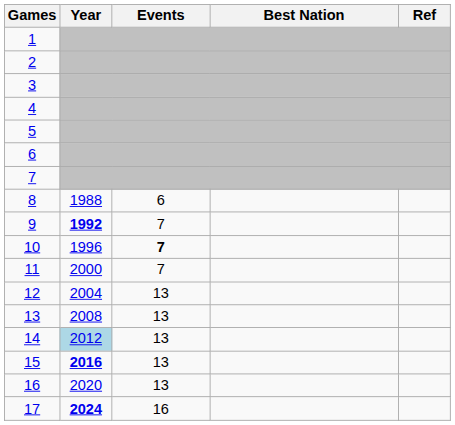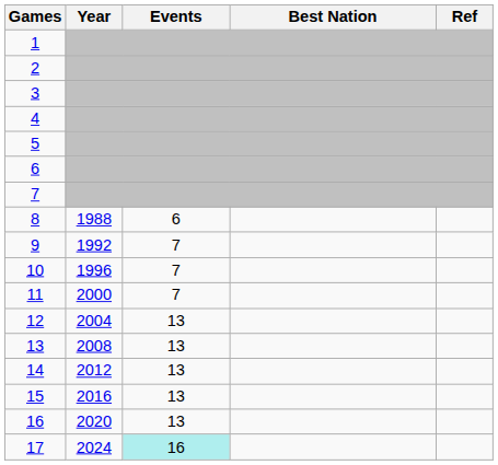 <table class=wikitable>
 <tr>
 <th width=50>Games</th>
 <th width=50>Year</th>
 <th width=100>Events</th>
 <th width=200>Best Nation</th>
 <th width=50>Ref</th>
 </tr>
 <tr>
 <td align=center><a href='#'>1</a></td>
 <td colspan=5 bgcolor=silver></td>
 </tr>
 <tr>
 <td align=center><a href='#'>2</a></td>
 <td colspan=5 bgcolor=silver></td>
 </tr>
 <tr>
 <td align=center><a href='#'>3</a></td>
 <td colspan=5 bgcolor=silver></td>
 </tr>
 <tr>
 <td align=center><a href='#'>4</a></td>
 <td colspan=5 bgcolor=silver></td>
 </tr>
 <tr>
 <td align=center><a href='#'>5</a></td>
 <td colspan=5 bgcolor=silver></td>
 </tr>
 <tr>
 <td align=center><a href='#'>6</a></td>
 <td colspan=5 bgcolor=silver></td>
 </tr>
 <tr>
 <td align=center><a href='#'>7</a></td>
 <td colspan=5 bgcolor=silver></td>
 </tr>
 <tr>
 <td align=center><a href='#'>8</a></td>
 <td align=center><a href='#'>1988</a></td>
 <td align=center>6</td>
 <td></td>
 <td align=center></td>
 </tr>
 <tr>
 <td align=center><a href='#'>9</a></td>
-<td align=center><strong><a href='#'>1992</a></strong></td>
+<td align=center><a href='#'>1992</a></td>
 <td align=center>7</td>
 <td></td>
 <td align=center></td>
 </tr>
 <tr>
 <td align=center><a href='#'>10</a></td>
 <td align=center><a href='#'>1996</a></td>
-<td align=center><strong>7</strong></td>
+<td align=center>7</td>
 <td></td>
 <td align=center></td>
 </tr>
 <tr>
 <td align=center><a href='#'>11</a></td>
 <td align=center><a href='#'>2000</a></td>
 <td align=center>7</td>
 <td></td>
 <td align=center></td>
 </tr>
 <tr>
 <td align=center><a href='#'>12</a></td>
 <td align=center><a href='#'>2004</a></td>
 <td align=center>13</td>
 <td></td>
 <td align=center></td>
 </tr>
 <tr>
 <td align=center><a href='#'>13</a></td>
 <td align=center><a href='#'>2008</a></td>
 <td align=center>13</td>
 <td></td>
 <td align=center></td>
 </tr>
 <tr>
 <td align=center><a href='#'>14</a></td>
-<td align=center style="background: lightblue;"><a href='#'>2012</a></td>
+<td align=center><a href='#'>2012</a></td>
 <td align=center>13</td>
 <td></td>
 <td align=center></td>
 </tr>
 <tr>
 <td align=center><a href='#'>15</a></td>
-<td align=center><strong><a href='#'>2016</a></strong></td>
+<td align=center><a href='#'>2016</a></td>
 <td align=center>13</td>
 <td></td>
 <td align=center></td>
 </tr>
 <tr>
 <td align=center><a href='#'>16</a></td>
 <td align=center><a href='#'>2020</a></td>
 <td align=center>13</td>
 <td></td>
 <td align=center></td>
 </tr>
 <tr>
 <td align=center><a href='#'>17</a></td>
-<td align=center><strong><a href='#'>2024</a></strong></td>
-<td align=center>16</td>
+<td align=center><a href='#'>2024</a></td>
+<td align=center style="background: paleturquoise;">16</td>
 <td></td>
 <td></td>
 </tr>
 </table>
